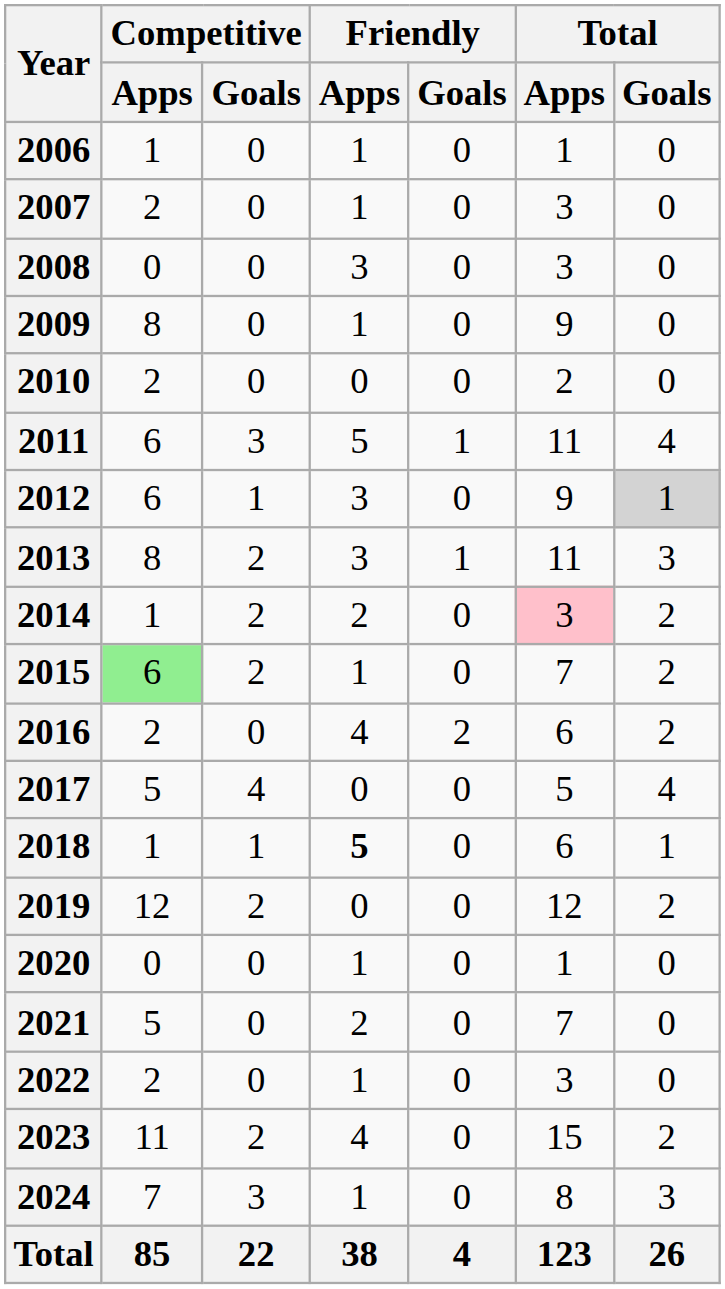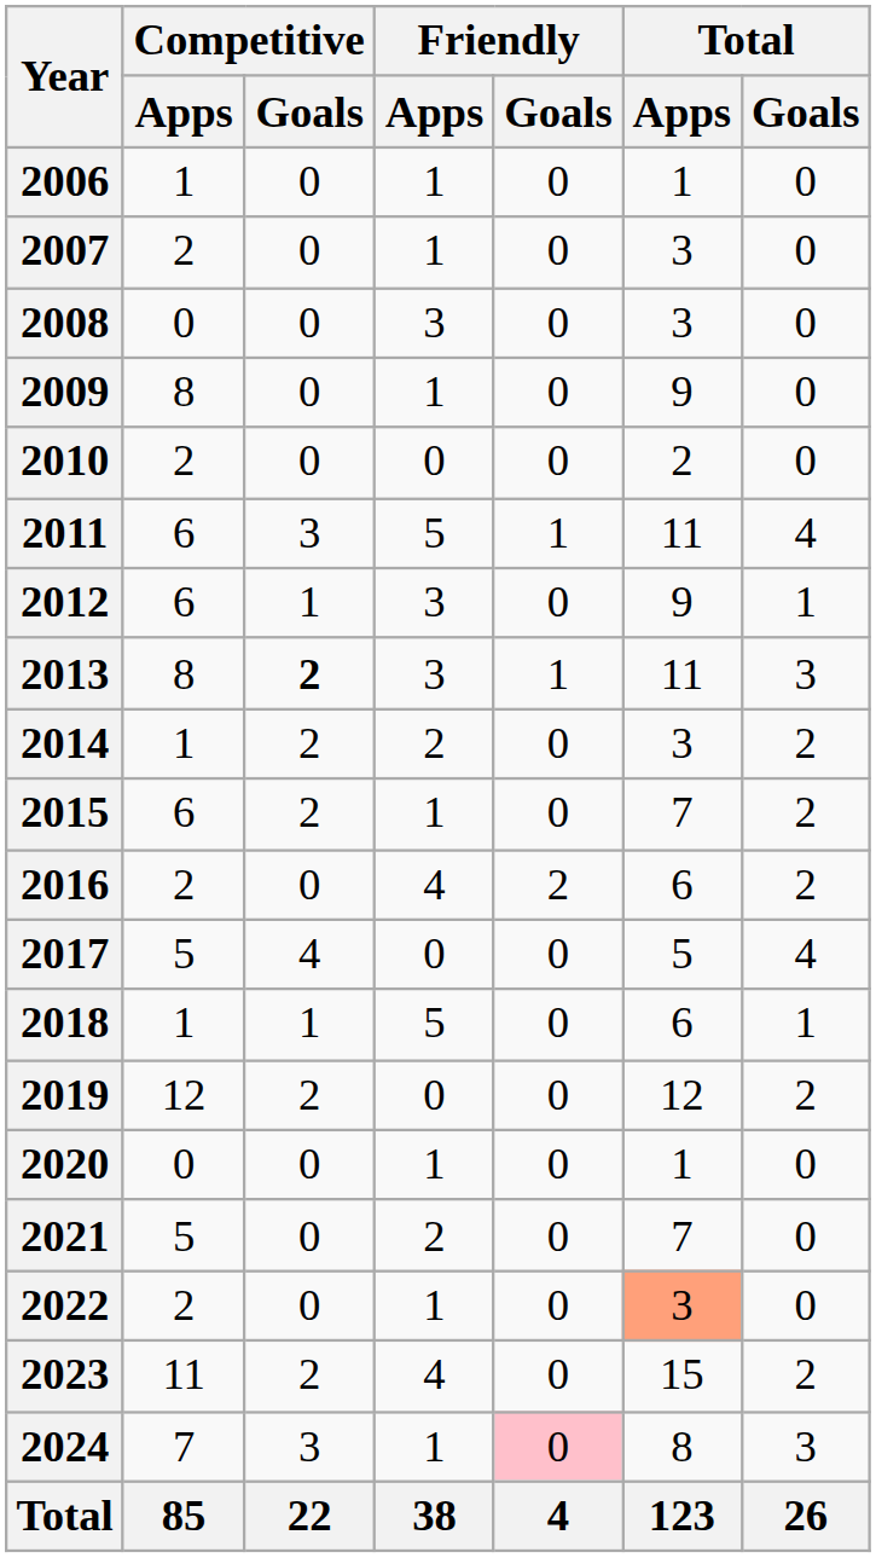 <table class="wikitable" style="text-align:center">
 <tr>
 <th rowspan="2" scope=col>Year</th>
 <th colspan="2" scope=col>Competitive</th>
 <th colspan="2" scope=col>Friendly</th>
 <th colspan="2" scope=col>Total</th>
 </tr>
 <tr>
 <th scope=col>Apps</th>
 <th scope=col>Goals</th>
 <th scope=col>Apps</th>
 <th scope=col>Goals</th>
 <th scope=col>Apps</th>
 <th scope=col>Goals</th>
 </tr>
 <tr>
 <th scope="row">2006</th>
 <td>1</td>
 <td>0</td>
 <td>1</td>
 <td>0</td>
 <td>1</td>
 <td>0</td>
 </tr>
 <tr>
 <th scope="row">2007</th>
 <td>2</td>
 <td>0</td>
 <td>1</td>
 <td>0</td>
 <td>3</td>
 <td>0</td>
 </tr>
 <tr>
 <th scope="row">2008</th>
 <td>0</td>
 <td>0</td>
 <td>3</td>
 <td>0</td>
 <td>3</td>
 <td>0</td>
 </tr>
 <tr>
 <th scope="row">2009</th>
 <td>8</td>
 <td>0</td>
 <td>1</td>
 <td>0</td>
 <td>9</td>
 <td>0</td>
 </tr>
 <tr>
 <th scope="row">2010</th>
 <td>2</td>
 <td>0</td>
 <td>0</td>
 <td>0</td>
 <td>2</td>
 <td>0</td>
 </tr>
 <tr>
 <th scope="row">2011</th>
 <td>6</td>
 <td>3</td>
 <td>5</td>
 <td>1</td>
 <td>11</td>
 <td>4</td>
 </tr>
 <tr>
 <th scope="row">2012</th>
 <td>6</td>
 <td>1</td>
 <td>3</td>
 <td>0</td>
 <td>9</td>
-<td style="background: lightgrey;">1</td>
+<td>1</td>
 </tr>
 <tr>
 <th scope="row">2013</th>
 <td>8</td>
-<td>2</td>
+<td><strong>2</strong></td>
 <td>3</td>
 <td>1</td>
 <td>11</td>
 <td>3</td>
 </tr>
 <tr>
 <th scope="row">2014</th>
 <td>1</td>
 <td>2</td>
 <td>2</td>
 <td>0</td>
-<td style="background: pink;">3</td>
+<td>3</td>
 <td>2</td>
 </tr>
 <tr>
 <th scope="row">2015</th>
-<td style="background: lightgreen;">6</td>
+<td>6</td>
 <td>2</td>
 <td>1</td>
 <td>0</td>
 <td>7</td>
 <td>2</td>
 </tr>
 <tr>
 <th scope="row">2016</th>
 <td>2</td>
 <td>0</td>
 <td>4</td>
 <td>2</td>
 <td>6</td>
 <td>2</td>
 </tr>
 <tr>
 <th scope="row">2017</th>
 <td>5</td>
 <td>4</td>
 <td>0</td>
 <td>0</td>
 <td>5</td>
 <td>4</td>
 </tr>
 <tr>
 <th scope="row">2018</th>
 <td>1</td>
 <td>1</td>
-<td><strong>5</strong></td>
+<td>5</td>
 <td>0</td>
 <td>6</td>
 <td>1</td>
 </tr>
 <tr>
 <th scope="row">2019</th>
 <td>12</td>
 <td>2</td>
 <td>0</td>
 <td>0</td>
 <td>12</td>
 <td>2</td>
 </tr>
 <tr>
 <th scope="row">2020</th>
 <td>0</td>
 <td>0</td>
 <td>1</td>
 <td>0</td>
 <td>1</td>
 <td>0</td>
 </tr>
 <tr>
 <th scope="row">2021</th>
 <td>5</td>
 <td>0</td>
 <td>2</td>
 <td>0</td>
 <td>7</td>
 <td>0</td>
 </tr>
 <tr>
 <th scope="row">2022</th>
 <td>2</td>
 <td>0</td>
 <td>1</td>
 <td>0</td>
-<td>3</td>
+<td style="background: lightsalmon;">3</td>
 <td>0</td>
 </tr>
 <tr>
 <th scope="row">2023</th>
 <td>11</td>
 <td>2</td>
 <td>4</td>
 <td>0</td>
 <td>15</td>
 <td>2</td>
 </tr>
 <tr>
 <th scope="row">2024</th>
 <td>7</td>
 <td>3</td>
 <td>1</td>
-<td>0</td>
+<td style="background: pink;">0</td>
 <td>8</td>
 <td>3</td>
 </tr>
 <tr>
 <th scope="row">Total</th>
 <th>85</th>
 <th>22</th>
 <th>38</th>
 <th>4</th>
 <th>123</th>
 <th>26</th>
 </tr>
 </table>
